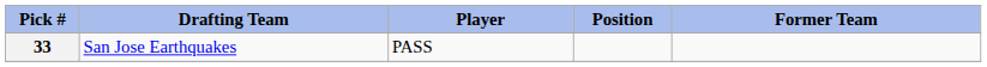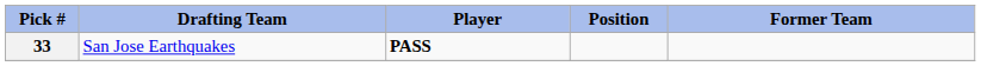 <table class="wikitable sortable" style="width: 70%">
 <tr>
 <th style="background:#A8BDEC;" width=6%>Pick #</th>
 <th width=25% style="background:#A8BDEC;">Drafting Team</th>
 <th width=15% style="background:#A8BDEC;">Player</th>
 <th width=8% style="background:#A8BDEC;">Position</th>
 <th width=25% style="background:#A8BDEC;">Former Team</th>
 </tr>
 <tr>
 <th>33</th>
 <td><a href='#'>San Jose Earthquakes</a></td>
-<td>PASS</td>
+<td><strong>PASS</strong></td>
 <td></td>
 <td></td>
 </tr>
 <tr>
 </tr>
 </table>
